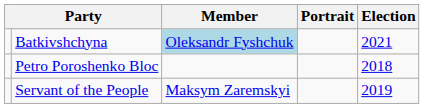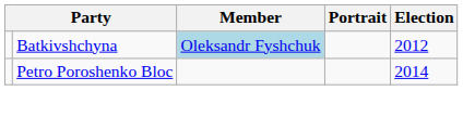 <table class="wikitable">
 <tr>
 <th colspan="2">Party</th>
 <th>Member</th>
 <th>Portrait</th>
 <th>Election</th>
 </tr>
 <tr>
 <td style="background-color:"></td>
 <td><a href='#'>Batkivshchyna</a></td>
 <td style="background: lightblue;"><a href='#'>Oleksandr Fyshchuk</a></td>
 <td></td>
-<td><a href='#'>2021</a></td>
+<td><a href='#'>2012</a></td>
 </tr>
 <tr>
 <td style="background-color:"></td>
 <td><a href='#'>Petro Poroshenko Bloc</a></td>
 <td></td>
 <td></td>
-<td><a href='#'>2018</a></td>
-</tr>
-<tr>
-<td style="background-color:"></td>
-<td><a href='#'>Servant of the People</a></td>
-<td><a href='#'>Maksym Zaremskyi</a></td>
-<td></td>
-<td><a href='#'>2019</a></td>
+<td><a href='#'>2014</a></td>
 </tr>
 </table>
